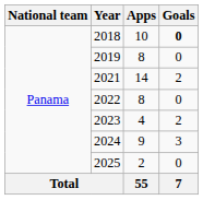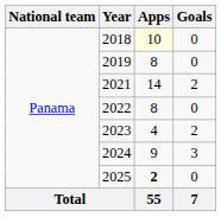 <table class="wikitable" style="text-align:center">
 <tr>
 <th>National team</th>
 <th>Year</th>
 <th>Apps</th>
 <th>Goals</th>
 </tr>
 <tr>
 <td rowspan=7><a href='#'>Panama</a></td>
 <td>2018</td>
-<td>10</td>
-<td><strong>0</strong></td>
+<td style="background: lightyellow;">10</td>
+<td>0</td>
 </tr>
 <tr>
 <td>2019</td>
 <td>8</td>
 <td>0</td>
 </tr>
 <tr>
 <td>2021</td>
 <td>14</td>
 <td>2</td>
 </tr>
 <tr>
 <td>2022</td>
 <td>8</td>
 <td>0</td>
 </tr>
 <tr>
 <td>2023</td>
 <td>4</td>
 <td>2</td>
 </tr>
 <tr>
 <td>2024</td>
 <td>9</td>
 <td>3</td>
 </tr>
 <tr>
 <td>2025</td>
-<td>2</td>
+<td><strong>2</strong></td>
 <td>0</td>
 </tr>
 <tr>
 <th colspan=2>Total</th>
 <th>55</th>
 <th>7</th>
 </tr>
 </table>
